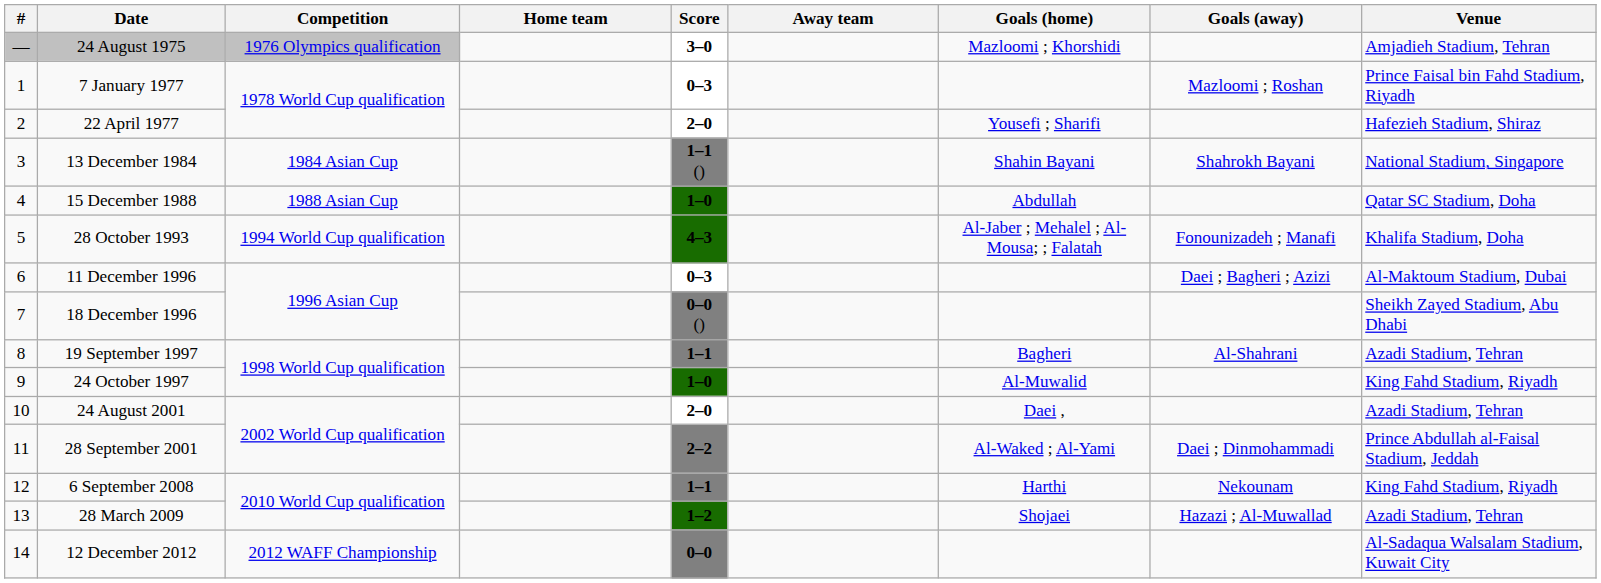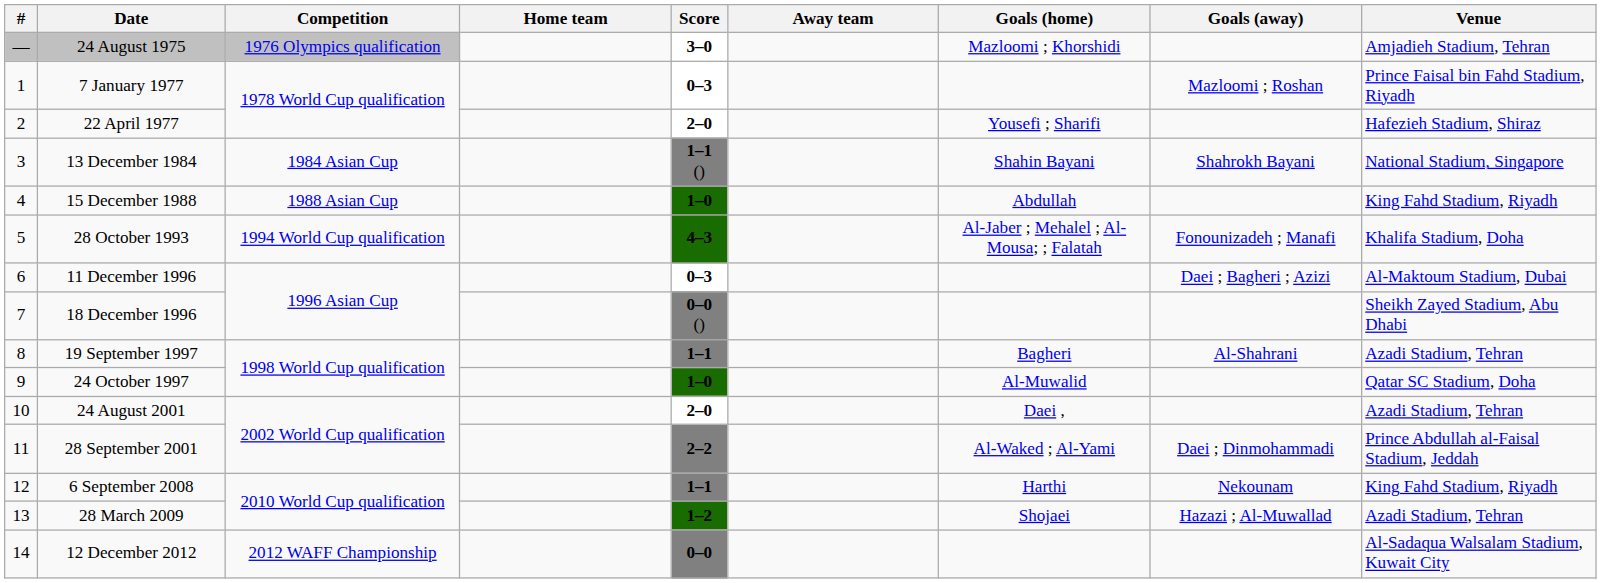 <table class="wikitable" style="width:100%; margin:0 left; font-size:85%">
 <tr>
 <th style="width:1%;">#</th>
 <th style="width:8%;">Date</th>
 <th style="width:10%;">Competition</th>
 <th style="width:9%;">Home team</th>
 <th style="width:1%;">Score</th>
 <th style="width:9%;">Away team</th>
 <th style="width:9%;">Goals (home)</th>
 <th style="width:9%;">Goals (away)</th>
 <th style="width:10%;">Venue</th>
 </tr>
 <tr style="text-align:center;">
 <td style="background:silver;">—</td>
 <td style="background:silver;">24 August 1975</td>
 <td style="background:silver;"><a href='#'>1976 Olympics qualification</a></td>
 <td align=right><strong></strong></td>
 <td bgcolor=#FFFFFF align=center><div><strong><span>3–0</span></strong></div></td>
 <td align=left></td>
 <td><a href='#'>Mazloomi</a> ; <a href='#'>Khorshidi</a> </td>
 <td></td>
 <td align=left> <a href='#'>Amjadieh Stadium</a>, <a href='#'>Tehran</a></td>
 </tr>
 <tr style="text-align:center;">
 <td>1</td>
 <td>7 January 1977</td>
 <td rowspan="2"><a href='#'>1978 World Cup qualification</a></td>
 <td align=right></td>
 <td bgcolor=#FFFFFF align=center><div><strong><span>0–3</span></strong></div></td>
 <td align=left><strong></strong></td>
 <td></td>
 <td><a href='#'>Mazloomi</a> ; <a href='#'>Roshan</a> </td>
 <td align=left> <a href='#'>Prince Faisal bin Fahd Stadium</a>, <a href='#'>Riyadh</a></td>
 </tr>
 <tr style="text-align:center;">
 <td>2</td>
 <td>22 April 1977</td>
 <td align=right><strong></strong></td>
 <td bgcolor=#FFFFFF align=center><div><strong><span>2–0</span></strong></div></td>
 <td align=left></td>
 <td><a href='#'>Yousefi</a> ; <a href='#'>Sharifi</a> </td>
 <td></td>
 <td align=left> <a href='#'>Hafezieh Stadium</a>, <a href='#'>Shiraz</a></td>
 </tr>
 <tr style="text-align:center;">
 <td>3</td>
 <td>13 December 1984</td>
 <td><a href='#'>1984 Asian Cup</a></td>
 <td align="right"><strong></strong></td>
 <td bgcolor=grey align=center><div><strong><span>1–1</span></strong></div> <span>(<a href='#'></a>)</span></td>
 <td align="left"></td>
 <td><a href='#'>Shahin Bayani</a> </td>
 <td><a href='#'>Shahrokh Bayani</a> </td>
 <td align=left> <a href='#'>National Stadium, Singapore</a></td>
 </tr>
 <tr style="text-align:center;">
 <td>4</td>
 <td>15 December 1988</td>
 <td><a href='#'>1988 Asian Cup</a></td>
 <td align="right"><strong></strong></td>
 <td bgcolor=#186c align=center><div><strong><span>1–0</span></strong></div></td>
 <td align="left"></td>
 <td><a href='#'>Abdullah</a> </td>
 <td></td>
-<td align=left> <a href='#'>Qatar SC Stadium</a>, <a href='#'>Doha</a></td>
+<td align=left> <a href='#'>King Fahd Stadium</a>, <a href='#'>Riyadh</a></td>
 </tr>
 <tr style="text-align:center;">
 <td>5</td>
 <td>28 October 1993</td>
 <td><a href='#'>1994 World Cup qualification</a></td>
 <td align="right"><strong></strong></td>
 <td bgcolor=#186c align=center><div><strong><span>4–3</span></strong></div></td>
 <td align="left"></td>
 <td><a href='#'>Al-Jaber</a> ; <a href='#'>Mehalel</a> ; <a href='#'>Al-Mousa</a>; ; <a href='#'>Falatah</a> </td>
 <td><a href='#'>Fonounizadeh</a> ; <a href='#'>Manafi</a> </td>
 <td align=left> <a href='#'>Khalifa Stadium</a>, <a href='#'>Doha</a></td>
 </tr>
 <tr style="text-align:center;">
 <td>6</td>
 <td>11 December 1996</td>
 <td rowspan="2"><a href='#'>1996 Asian Cup</a></td>
 <td align=right></td>
 <td bgcolor=#FFFFFF align=center><div><strong><span>0–3</span></strong></div></td>
 <td align=left><strong></strong></td>
 <td></td>
 <td><a href='#'>Daei</a> ; <a href='#'>Bagheri</a> ; <a href='#'>Azizi</a> </td>
 <td align=left> <a href='#'>Al-Maktoum Stadium</a>, <a href='#'>Dubai</a></td>
 </tr>
 <tr style="text-align:center;">
 <td>7</td>
 <td>18 December 1996</td>
 <td align=right></td>
 <td bgcolor=grey align=center><div><strong><span>0–0</span></strong></div> <span>(<a href='#'></a>)</span></td>
 <td align=left><strong></strong></td>
 <td></td>
 <td></td>
 <td align=left> <a href='#'>Sheikh Zayed Stadium</a>, <a href='#'>Abu Dhabi</a></td>
 </tr>
 <tr style="text-align:center;">
 <td>8</td>
 <td>19 September 1997</td>
 <td rowspan="2"><a href='#'>1998 World Cup qualification</a></td>
 <td align=right></td>
 <td bgcolor=grey align=center><div><strong><span>1–1</span></strong></div></td>
 <td align=left></td>
 <td><a href='#'>Bagheri</a> </td>
 <td><a href='#'>Al-Shahrani</a> </td>
 <td align=left> <a href='#'>Azadi Stadium</a>, <a href='#'>Tehran</a></td>
 </tr>
 <tr style="text-align:center;">
 <td>9</td>
 <td>24 October 1997</td>
 <td align=right><strong></strong></td>
 <td bgcolor=#186c align=center><div><strong><span>1–0</span></strong></div></td>
 <td align=left></td>
 <td><a href='#'>Al-Muwalid</a> </td>
 <td></td>
-<td align=left> <a href='#'>King Fahd Stadium</a>, <a href='#'>Riyadh</a></td>
+<td align=left> <a href='#'>Qatar SC Stadium</a>, <a href='#'>Doha</a></td>
 </tr>
 <tr style="text-align:center;">
 <td>10</td>
 <td>24 August 2001</td>
 <td rowspan="2"><a href='#'>2002 World Cup qualification</a></td>
 <td align=right><strong></strong></td>
 <td bgcolor=#FFFFFF align=center><div><strong><span>2–0</span></strong></div></td>
 <td align=left></td>
 <td><a href='#'>Daei</a> , </td>
 <td></td>
 <td align=left> <a href='#'>Azadi Stadium</a>, <a href='#'>Tehran</a></td>
 </tr>
 <tr style="text-align:center;">
 <td>11</td>
 <td>28 September 2001</td>
 <td align=right></td>
 <td bgcolor="grey" align="center"><div><strong><span>2–2</span></strong></div></td>
 <td align=left></td>
 <td><a href='#'>Al-Waked</a> ; <a href='#'>Al-Yami</a> </td>
 <td><a href='#'>Daei</a> ; <a href='#'>Dinmohammadi</a> </td>
 <td align=left> <a href='#'>Prince Abdullah al-Faisal Stadium</a>, <a href='#'>Jeddah</a></td>
 </tr>
 <tr style="text-align:center;">
 <td>12</td>
 <td>6 September 2008</td>
 <td rowspan="2"><a href='#'>2010 World Cup qualification</a></td>
 <td align=right></td>
 <td bgcolor="grey" align="center"><div><strong><span>1–1</span></strong></div></td>
 <td align=left></td>
 <td><a href='#'>Harthi</a> </td>
 <td><a href='#'>Nekounam</a> </td>
 <td align=left> <a href='#'>King Fahd Stadium</a>, <a href='#'>Riyadh</a></td>
 </tr>
 <tr style="text-align:center;">
 <td>13</td>
 <td>28 March 2009</td>
 <td align=right></td>
 <td bgcolor=#186c align=center><div><strong><span>1–2</span></strong></div></td>
 <td align=left><strong></strong></td>
 <td><a href='#'>Shojaei</a> </td>
 <td><a href='#'>Hazazi</a> ; <a href='#'>Al-Muwallad</a> </td>
 <td align=left> <a href='#'>Azadi Stadium</a>, <a href='#'>Tehran</a></td>
 </tr>
 <tr style="text-align:center;">
 <td>14</td>
 <td>12 December 2012</td>
 <td><a href='#'>2012 WAFF Championship</a></td>
 <td align=right></td>
 <td bgcolor=grey align=center><div><strong><span>0–0</span></strong></div></td>
 <td align=left></td>
 <td></td>
 <td></td>
 <td align=left> <a href='#'>Al-Sadaqua Walsalam Stadium</a>, <a href='#'>Kuwait City</a></td>
 </tr>
 </table>
